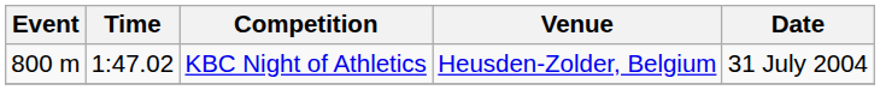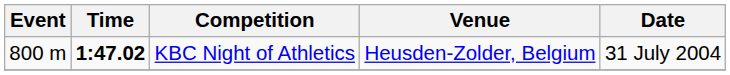 <table class="wikitable" style=text-align:center>
 <tr>
 <th>Event</th>
 <th>Time</th>
 <th>Competition</th>
 <th>Venue</th>
 <th>Date</th>
 </tr>
 <tr>
 <td>800 m</td>
-<td>1:47.02</td>
+<td><strong>1:47.02</strong></td>
 <td><a href='#'>KBC Night of Athletics</a></td>
 <td><a href='#'>Heusden-Zolder, Belgium</a></td>
 <td>31 July 2004</td>
 </tr>
 <tr>
 </tr>
 </table>
